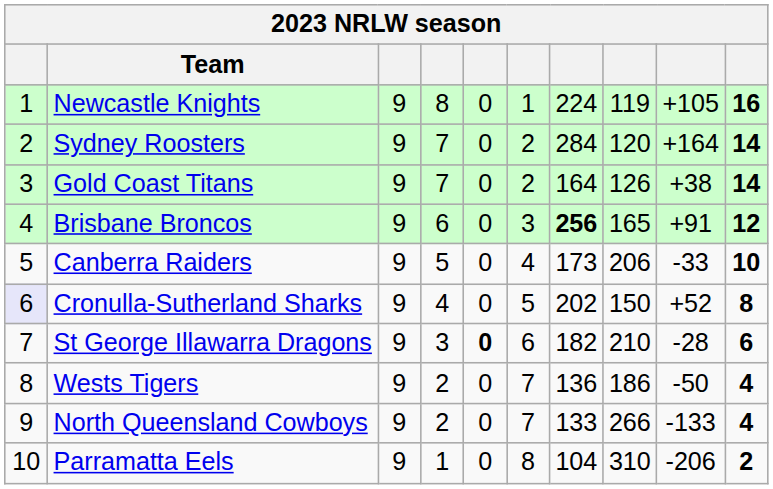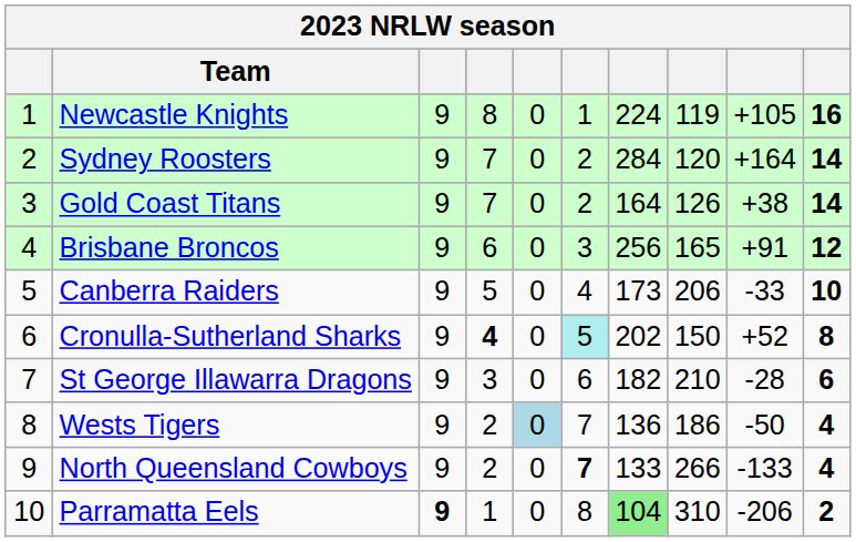 <table class="wikitable" style="text-align:center;">
 <tr>
 <th colspan="11">2023 NRLW season</th>
 </tr>
 <tr>
 <th width="20"></th>
 <th>Team</th>
 <th width="20"></th>
 <th width="20"></th>
 <th width="20"></th>
 <th width="20"></th>
 <th width="25"></th>
 <th width="25"></th>
 <th width="30"></th>
 <th width="20"></th>
 </tr>
 <tr style="background: #ccffcc;">
 <td>1</td>
 <td align=left> <a href='#'>Newcastle Knights</a></td>
 <td>9</td>
 <td>8</td>
 <td>0</td>
 <td>1</td>
 <td>224</td>
 <td>119</td>
 <td>+105</td>
 <td><strong>16</strong></td>
 </tr>
 <tr style="background: #ccffcc;">
 <td>2</td>
 <td align=left> <a href='#'>Sydney Roosters</a></td>
 <td>9</td>
 <td>7</td>
 <td>0</td>
 <td>2</td>
 <td>284</td>
 <td>120</td>
 <td>+164</td>
 <td><strong>14</strong></td>
 </tr>
 <tr style="background: #ccffcc;">
 <td>3</td>
 <td align=left> <a href='#'>Gold Coast Titans</a></td>
 <td>9</td>
 <td>7</td>
 <td>0</td>
 <td>2</td>
 <td>164</td>
 <td>126</td>
 <td>+38</td>
 <td><strong>14</strong></td>
 </tr>
 <tr style="background: #ccffcc;">
 <td>4</td>
 <td align=left> <a href='#'>Brisbane Broncos</a></td>
 <td>9</td>
 <td>6</td>
 <td>0</td>
 <td>3</td>
-<td><strong>256</strong></td>
+<td>256</td>
 <td>165</td>
 <td>+91</td>
 <td><strong>12</strong></td>
 </tr>
 <tr>
 <td>5</td>
 <td align=left> <a href='#'>Canberra Raiders</a></td>
 <td>9</td>
 <td>5</td>
 <td>0</td>
 <td>4</td>
 <td>173</td>
 <td>206</td>
 <td>-33</td>
 <td><strong>10</strong></td>
 </tr>
 <tr>
-<td style="background: lavender;">6</td>
+<td>6</td>
 <td align=left> <a href='#'>Cronulla-Sutherland Sharks</a></td>
 <td>9</td>
-<td>4</td>
+<td><strong>4</strong></td>
 <td>0</td>
-<td>5</td>
+<td style="background: paleturquoise;">5</td>
 <td>202</td>
 <td>150</td>
 <td>+52</td>
 <td><strong>8</strong></td>
 </tr>
 <tr>
 <td>7</td>
 <td align=left> <a href='#'>St George Illawarra Dragons</a></td>
 <td>9</td>
 <td>3</td>
-<td><strong>0</strong></td>
+<td>0</td>
 <td>6</td>
 <td>182</td>
 <td>210</td>
 <td>-28</td>
 <td><strong>6</strong></td>
 </tr>
 <tr>
 <td>8</td>
 <td align=left> <a href='#'>Wests Tigers</a></td>
 <td>9</td>
 <td>2</td>
-<td>0</td>
+<td style="background: lightblue;">0</td>
 <td>7</td>
 <td>136</td>
 <td>186</td>
 <td>-50</td>
 <td><strong>4</strong></td>
 </tr>
 <tr>
 <td>9</td>
 <td align=left> <a href='#'>North Queensland Cowboys</a></td>
 <td>9</td>
 <td>2</td>
 <td>0</td>
-<td>7</td>
+<td><strong>7</strong></td>
 <td>133</td>
 <td>266</td>
 <td>-133</td>
 <td><strong>4</strong></td>
 </tr>
 <tr>
 <td>10</td>
 <td align=left> <a href='#'>Parramatta Eels</a></td>
-<td>9</td>
+<td><strong>9</strong></td>
 <td>1</td>
 <td>0</td>
 <td>8</td>
-<td>104</td>
+<td style="background: lightgreen;">104</td>
 <td>310</td>
 <td>-206</td>
 <td><strong>2</strong></td>
 </tr>
 </table>
